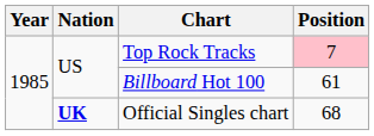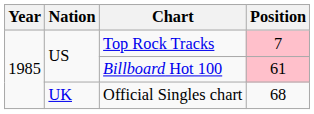 <table class="wikitable">
 <tr>
 <th>Year</th>
 <th>Nation</th>
 <th>Chart</th>
 <th>Position</th>
 </tr>
 <tr>
 <td rowspan=3>1985</td>
 <td rowspan=2>US</td>
 <td><a href='#'>Top Rock Tracks</a></td>
 <td align="center" style="background: pink;">7</td>
 </tr>
 <tr>
 <td><a href='#'><em>Billboard</em> Hot 100</a></td>
-<td align="center">61</td>
+<td align="center" style="background: pink;">61</td>
 </tr>
 <tr>
-<td><strong><a href='#'>UK</a></strong></td>
+<td><a href='#'>UK</a></td>
 <td>Official Singles chart</td>
 <td align="center">68</td>
 </tr>
 </table>
